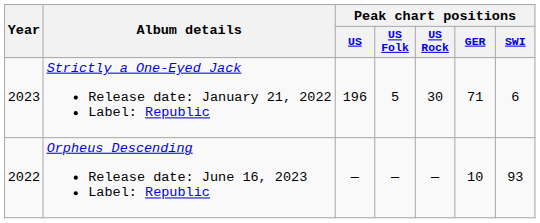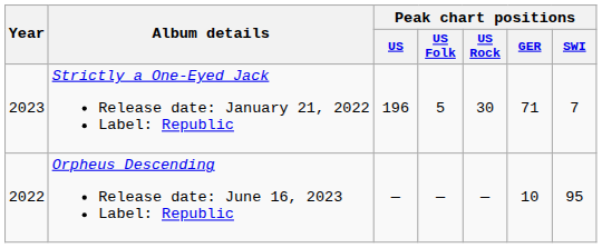 <table class="wikitable" style="text-align:center">
 <tr>
 <th rowspan="2">Year</th>
 <th rowspan="2">Album details</th>
 <th colspan="5">Peak chart positions</th>
 </tr>
 <tr>
 <th style="width:3em;font-size:85%"><a href='#'>US</a><br></th>
 <th style="width:3em;font-size:85%"><a href='#'>US Folk</a><br></th>
 <th style="width:3em;font-size:85%"><a href='#'>US Rock</a><br></th>
 <th style="width:3em;font-size:85%"><a href='#'>GER</a><br></th>
 <th style="width:3em;font-size:85%"><a href='#'>SWI</a><br></th>
 </tr>
 <tr>
 <td>2023</td>
 <td align="left"><em><a href='#'>Strictly a One-Eyed Jack</a></em><br><ul><li>Release date: January 21, 2022</li><li>Label: <a href='#'>Republic</a></li></ul></td>
 <td>196</td>
 <td>5</td>
 <td>30</td>
 <td>71</td>
-<td>6</td>
+<td>7</td>
 </tr>
 <tr>
 <td>2022</td>
 <td align="left"><em><a href='#'>Orpheus Descending</a></em><br><ul><li>Release date: June 16, 2023</li><li>Label: <a href='#'>Republic</a></li></ul></td>
 <td>—</td>
 <td>—</td>
 <td>—</td>
 <td>10</td>
-<td>93</td>
+<td>95</td>
 </tr>
 </table>
